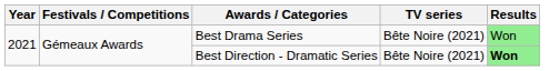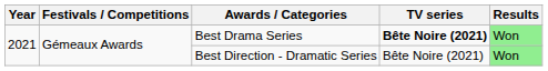 <table class="wikitable">
 <tr>
 <th>Year</th>
 <th>Festivals / Competitions</th>
 <th>Awards / Categories</th>
 <th>TV series</th>
 <th>Results</th>
 </tr>
 <tr>
 <td rowspan="2">2021</td>
 <td rowspan="2">Gémeaux Awards</td>
 <td>Best Drama Series</td>
-<td>Bête Noire (2021)</td>
+<td><strong>Bête Noire (2021)</strong></td>
 <td style="background:lightgreen">Won</td>
 </tr>
 <tr>
 <td>Best Direction - Dramatic Series</td>
 <td>Bête Noire (2021)</td>
-<td style="background:lightgreen"><strong>Won</strong></td>
+<td style="background:lightgreen">Won</td>
 </tr>
 </table>
